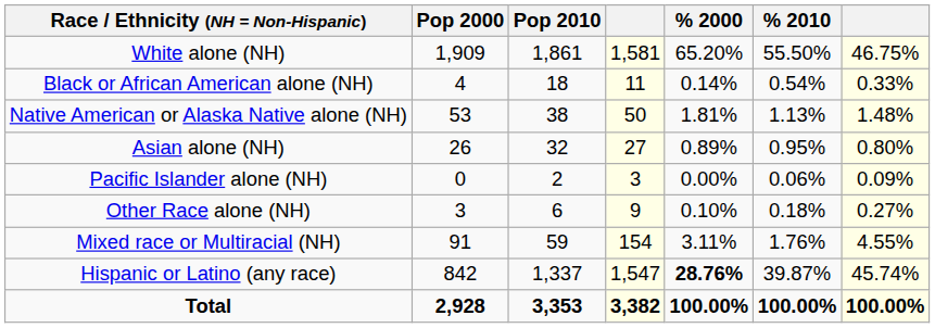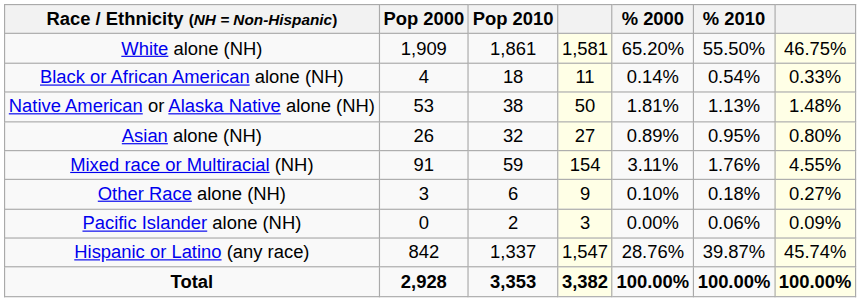 <table class="wikitable" style="text-align:center;">
 <tr>
 <th>Race / Ethnicity <small>(<em>NH = Non-Hispanic</em>)</small></th>
 <th>Pop 2000</th>
 <th>Pop 2010</th>
 <th></th>
 <th>% 2000</th>
 <th>% 2010</th>
 <th></th>
 </tr>
 <tr>
 <td><a href='#'>White</a> alone (NH)</td>
 <td>1,909</td>
 <td>1,861</td>
 <td style='background: #ffffe6;'>1,581</td>
 <td>65.20%</td>
 <td>55.50%</td>
 <td style='background: #ffffe6;'>46.75%</td>
 </tr>
 <tr>
 <td><a href='#'>Black or African American</a> alone (NH)</td>
 <td>4</td>
 <td>18</td>
 <td style='background: #ffffe6;'>11</td>
 <td>0.14%</td>
 <td>0.54%</td>
 <td style='background: #ffffe6;'>0.33%</td>
 </tr>
 <tr>
 <td><a href='#'>Native American</a> or <a href='#'>Alaska Native</a> alone (NH)</td>
 <td>53</td>
 <td>38</td>
 <td style='background: #ffffe6;'>50</td>
 <td>1.81%</td>
 <td>1.13%</td>
 <td style='background: #ffffe6;'>1.48%</td>
 </tr>
 <tr>
 <td><a href='#'>Asian</a> alone (NH)</td>
 <td>26</td>
 <td>32</td>
 <td style='background: #ffffe6;'>27</td>
 <td>0.89%</td>
 <td>0.95%</td>
 <td style='background: #ffffe6;'>0.80%</td>
 </tr>
 <tr>
-<td><a href='#'>Pacific Islander</a> alone (NH)</td>
-<td>0</td>
-<td>2</td>
-<td style='background: #ffffe6;'>3</td>
-<td>0.00%</td>
-<td>0.06%</td>
-<td style='background: #ffffe6;'>0.09%</td>
+<td><a href='#'>Mixed race or Multiracial</a> (NH)</td>
+<td>91</td>
+<td>59</td>
+<td style='background: #ffffe6;'>154</td>
+<td>3.11%</td>
+<td>1.76%</td>
+<td style='background: #ffffe6;'>4.55%</td>
 </tr>
 <tr>
 <td><a href='#'>Other Race</a> alone (NH)</td>
 <td>3</td>
 <td>6</td>
 <td style='background: #ffffe6;'>9</td>
 <td>0.10%</td>
 <td>0.18%</td>
 <td style='background: #ffffe6;'>0.27%</td>
 </tr>
 <tr>
-<td><a href='#'>Mixed race or Multiracial</a> (NH)</td>
-<td>91</td>
-<td>59</td>
-<td style='background: #ffffe6;'>154</td>
-<td>3.11%</td>
-<td>1.76%</td>
-<td style='background: #ffffe6;'>4.55%</td>
+<td><a href='#'>Pacific Islander</a> alone (NH)</td>
+<td>0</td>
+<td>2</td>
+<td style='background: #ffffe6;'>3</td>
+<td>0.00%</td>
+<td>0.06%</td>
+<td style='background: #ffffe6;'>0.09%</td>
 </tr>
 <tr>
 <td><a href='#'>Hispanic or Latino</a> (any race)</td>
 <td>842</td>
 <td>1,337</td>
 <td style='background: #ffffe6;'>1,547</td>
-<td><strong>28.76%</strong></td>
+<td>28.76%</td>
 <td>39.87%</td>
 <td style='background: #ffffe6;'>45.74%</td>
 </tr>
 <tr>
 <td><strong>Total</strong></td>
 <td><strong>2,928</strong></td>
 <td><strong>3,353</strong></td>
 <td style='background: #ffffe6;'><strong>3,382</strong></td>
 <td><strong>100.00%</strong></td>
 <td><strong>100.00%</strong></td>
 <td style='background: #ffffe6;'><strong>100.00%</strong></td>
 </tr>
 </table>
